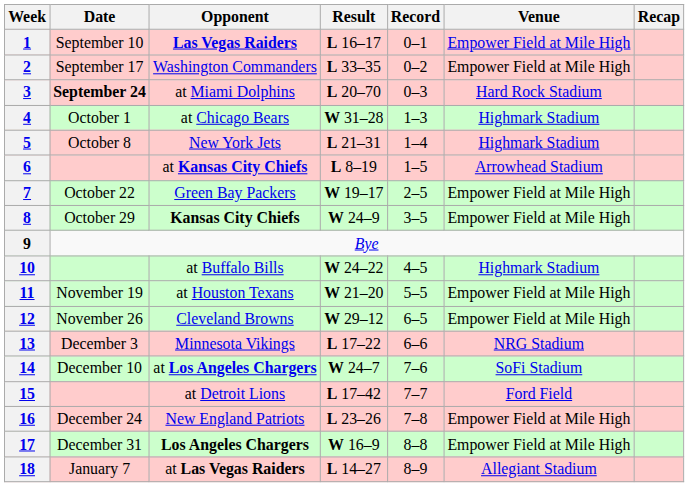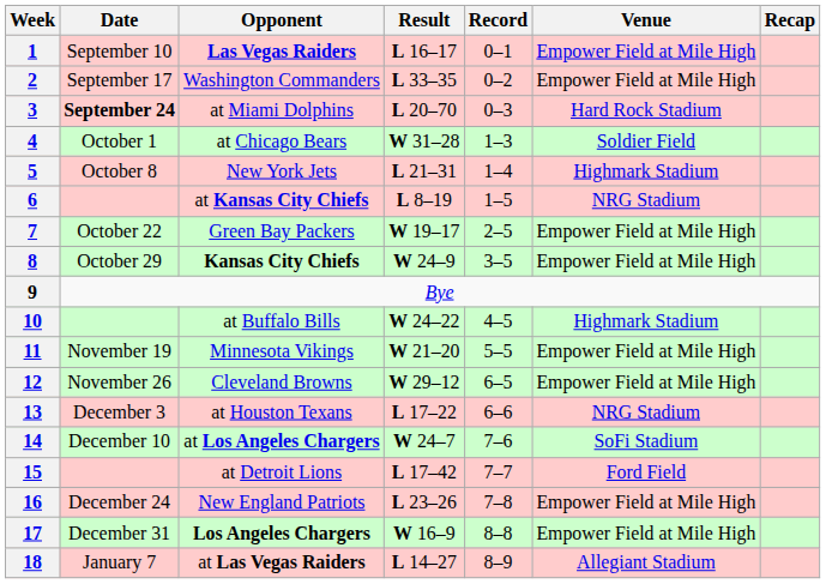 <table class="wikitable" style="text-align:center">
 <tr>
 <th>Week</th>
 <th>Date</th>
 <th>Opponent</th>
 <th>Result</th>
 <th>Record</th>
 <th>Venue</th>
 <th>Recap</th>
 </tr>
 <tr style="background:#fcc">
 <th><a href='#'>1</a></th>
 <td>September 10</td>
 <td><strong><a href='#'>Las Vegas Raiders</a></strong></td>
 <td><strong>L</strong> 16–17</td>
 <td>0–1</td>
 <td><a href='#'>Empower Field at Mile High</a></td>
 <td></td>
 </tr>
 <tr style="background:#fcc">
 <th><a href='#'>2</a></th>
 <td>September 17</td>
 <td><a href='#'>Washington Commanders</a></td>
 <td><strong>L</strong> 33–35</td>
 <td>0–2</td>
 <td>Empower Field at Mile High</td>
 <td></td>
 </tr>
 <tr style="background:#fcc">
 <th><a href='#'>3</a></th>
 <td><strong>September 24</strong></td>
 <td>at <a href='#'>Miami Dolphins</a></td>
 <td><strong>L</strong> 20–70</td>
 <td>0–3</td>
 <td><a href='#'>Hard Rock Stadium</a></td>
 <td></td>
 </tr>
 <tr style="background:#cfc">
 <th><a href='#'>4</a></th>
 <td>October 1</td>
 <td>at <a href='#'>Chicago Bears</a></td>
 <td><strong>W</strong> 31–28</td>
 <td>1–3</td>
-<td><a href='#'>Highmark Stadium</a></td>
+<td><a href='#'>Soldier Field</a></td>
 <td></td>
 </tr>
 <tr style="background:#fcc">
 <th><a href='#'>5</a></th>
 <td>October 8</td>
 <td><a href='#'>New York Jets</a></td>
 <td><strong>L</strong> 21–31</td>
 <td>1–4</td>
 <td><a href='#'>Highmark Stadium</a></td>
 <td></td>
 </tr>
 <tr style="background:#fcc">
 <th><a href='#'>6</a></th>
 <td></td>
 <td>at <strong><a href='#'>Kansas City Chiefs</a></strong></td>
 <td><strong>L</strong> 8–19</td>
 <td>1–5</td>
-<td><a href='#'>Arrowhead Stadium</a></td>
+<td><a href='#'>NRG Stadium</a></td>
 <td></td>
 </tr>
 <tr style="background:#cfc">
 <th><a href='#'>7</a></th>
 <td>October 22</td>
 <td><a href='#'>Green Bay Packers</a></td>
 <td><strong>W</strong> 19–17</td>
 <td>2–5</td>
 <td>Empower Field at Mile High</td>
 <td></td>
 </tr>
 <tr style="background:#cfc">
 <th><a href='#'>8</a></th>
 <td>October 29</td>
 <td><strong>Kansas City Chiefs</strong></td>
 <td><strong>W</strong> 24–9</td>
 <td>3–5</td>
 <td>Empower Field at Mile High</td>
 <td></td>
 </tr>
 <tr>
 <th>9</th>
 <td colspan="6"><em><a href='#'>Bye</a></em></td>
 </tr>
 <tr style="background:#cfc">
 <th><a href='#'>10</a></th>
 <td></td>
 <td>at <a href='#'>Buffalo Bills</a></td>
 <td><strong>W</strong> 24–22</td>
 <td>4–5</td>
 <td><a href='#'>Highmark Stadium</a></td>
 <td></td>
 </tr>
 <tr style="background:#cfc">
 <th><a href='#'>11</a></th>
 <td>November 19</td>
-<td>at <a href='#'>Houston Texans</a></td>
+<td><a href='#'>Minnesota Vikings</a></td>
 <td><strong>W</strong> 21–20</td>
 <td>5–5</td>
 <td>Empower Field at Mile High</td>
 <td></td>
 </tr>
 <tr style="background:#cfc">
 <th><a href='#'>12</a></th>
 <td>November 26</td>
 <td><a href='#'>Cleveland Browns</a></td>
 <td><strong>W</strong> 29–12</td>
 <td>6–5</td>
 <td>Empower Field at Mile High</td>
 <td></td>
 </tr>
 <tr style="background:#fcc">
 <th><a href='#'>13</a></th>
 <td>December 3</td>
-<td><a href='#'>Minnesota Vikings</a></td>
+<td>at <a href='#'>Houston Texans</a></td>
 <td><strong>L</strong> 17–22</td>
 <td>6–6</td>
 <td><a href='#'>NRG Stadium</a></td>
 <td></td>
 </tr>
 <tr style="background:#cfc">
 <th><a href='#'>14</a></th>
 <td>December 10</td>
 <td>at <strong><a href='#'>Los Angeles Chargers</a></strong></td>
 <td><strong>W</strong> 24–7</td>
 <td>7–6</td>
 <td><a href='#'>SoFi Stadium</a></td>
 <td></td>
 </tr>
 <tr style="background:#fcc">
 <th><a href='#'>15</a></th>
 <td></td>
 <td>at <a href='#'>Detroit Lions</a></td>
 <td><strong>L</strong> 17–42</td>
 <td>7–7</td>
 <td><a href='#'>Ford Field</a></td>
 <td></td>
 </tr>
 <tr style="background:#fcc">
 <th><a href='#'>16</a></th>
 <td>December 24</td>
 <td><a href='#'>New England Patriots</a></td>
 <td><strong>L</strong> 23–26</td>
 <td>7–8</td>
 <td>Empower Field at Mile High</td>
 <td></td>
 </tr>
 <tr style="background:#cfc">
 <th><a href='#'>17</a></th>
 <td>December 31</td>
 <td><strong>Los Angeles Chargers</strong></td>
 <td><strong>W</strong> 16–9</td>
 <td>8–8</td>
 <td>Empower Field at Mile High</td>
 <td></td>
 </tr>
 <tr style="background:#fcc">
 <th><a href='#'>18</a></th>
 <td>January 7</td>
 <td>at <strong>Las Vegas Raiders</strong></td>
 <td><strong>L</strong> 14–27</td>
 <td>8–9</td>
 <td><a href='#'>Allegiant Stadium</a></td>
 <td></td>
 </tr>
 </table>
